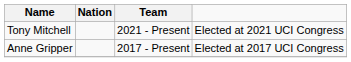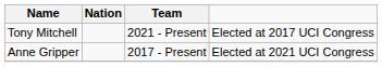 <table class="wikitable">
 <tr>
 <th>Name</th>
 <th>Nation</th>
 <th>Team</th>
 </tr>
 <tr>
 <td>Tony Mitchell</td>
 <td></td>
 <td>2021 - Present</td>
-<td>Elected at 2021 UCI Congress</td>
+<td>Elected at 2017 UCI Congress</td>
 </tr>
 <tr>
 <td>Anne Gripper</td>
 <td></td>
 <td>2017 - Present</td>
-<td>Elected at 2017 UCI Congress</td>
+<td>Elected at 2021 UCI Congress</td>
 </tr>
 <tr>
 </tr>
 </table>
